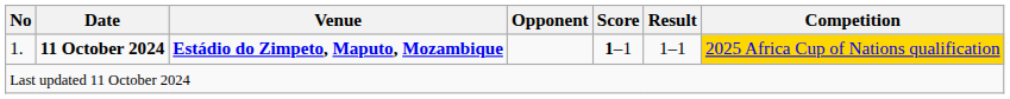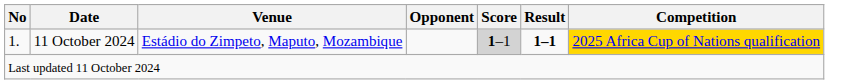 <table class="wikitable" style="font-size:85%;">
 <tr>
 <th>No</th>
 <th>Date</th>
 <th>Venue</th>
 <th>Opponent</th>
 <th>Score</th>
 <th>Result</th>
 <th>Competition</th>
 </tr>
 <tr>
 <td>1.</td>
-<td><strong>11 October 2024</strong></td>
-<td><strong><a href='#'>Estádio do Zimpeto</a>, <a href='#'>Maputo</a>, <a href='#'>Mozambique</a></strong></td>
+<td>11 October 2024</td>
+<td><a href='#'>Estádio do Zimpeto</a>, <a href='#'>Maputo</a>, <a href='#'>Mozambique</a></td>
 <td></td>
-<td align=center><strong>1</strong>–1</td>
-<td align=center>1–1</td>
+<td align=center style="background: lightgrey;"><strong>1</strong>–1</td>
+<td align=center><strong>1–1</strong></td>
 <td style="background: gold;"><a href='#'>2025 Africa Cup of Nations qualification</a></td>
 </tr>
 <tr>
 <td colspan="7"><small>Last updated 11 October 2024</small></td>
 </tr>
 </table>
